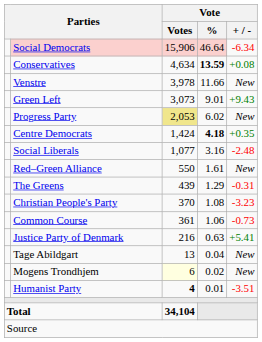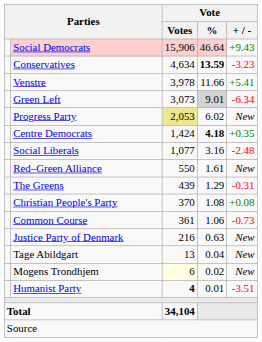 <table class="wikitable" style="text-align:right;">
 <tr>
 <th style="text-align:centre;" rowspan="2" colspan="2" width="225">Parties</th>
 <th colspan="3">Vote</th>
 </tr>
 <tr>
 <th width="15">Votes</th>
 <th width="15">%</th>
 <th width="15">+ / -</th>
 </tr>
 <tr>
 <td width="2" style="color:inherit;background:"></td>
 <td bgcolor=#fbd0ce  align="left"><a href='#'>Social Democrats</a></td>
 <td bgcolor=#fbd0ce>15,906</td>
 <td bgcolor=#fbd0ce>46.64</td>
-<td style=color:red;>-6.34</td>
+<td style=color:green;>+9.43</td>
 </tr>
 <tr>
 <td width="2" style="color:inherit;background:"></td>
 <td align="left"><a href='#'>Conservatives</a></td>
 <td>4,634</td>
 <td><strong>13.59</strong></td>
-<td style=color:green;>+0.08</td>
+<td style=color:red;>-3.23</td>
 </tr>
 <tr>
 <td width="2" style="color:inherit;background:"></td>
 <td align="left"><a href='#'>Venstre</a></td>
 <td>3,978</td>
 <td>11.66</td>
-<td><em>New</em></td>
+<td style=color:green;>+5.41</td>
 </tr>
 <tr>
 <td width="2" style="color:inherit;background:"></td>
 <td align="left"><a href='#'>Green Left</a></td>
 <td>3,073</td>
-<td>9.01</td>
-<td style=color:green;>+9.43</td>
+<td style="background: lightgrey;">9.01</td>
+<td style=color:red;>-6.34</td>
 </tr>
 <tr>
 <td width="2" style="color:inherit;background:"></td>
 <td align="left"><a href='#'>Progress Party</a></td>
 <td style="background: khaki;">2,053</td>
 <td>6.02</td>
 <td><em>New</em></td>
 </tr>
 <tr>
 <td width="2" style="color:inherit;background:"></td>
 <td align="left"><a href='#'>Centre Democrats</a></td>
 <td>1,424</td>
 <td><strong>4.18</strong></td>
 <td style=color:green;>+0.35</td>
 </tr>
 <tr>
 <td width="2" style="color:inherit;background:"></td>
 <td align="left"><a href='#'>Social Liberals</a></td>
 <td>1,077</td>
 <td>3.16</td>
 <td style=color:red;>-2.48</td>
 </tr>
 <tr>
 <td width="2" style="color:inherit;background:"></td>
 <td align="left"><a href='#'>Red–Green Alliance</a></td>
 <td>550</td>
 <td>1.61</td>
 <td><em>New</em></td>
 </tr>
 <tr>
 <td width="2" style="color:inherit;background:"></td>
 <td align="left"><a href='#'>The Greens</a></td>
 <td>439</td>
 <td>1.29</td>
 <td style=color:red;>-0.31</td>
 </tr>
 <tr>
 <td width="2" style="color:inherit;background:"></td>
 <td align="left"><a href='#'>Christian People's Party</a></td>
 <td>370</td>
 <td>1.08</td>
-<td style=color:red;>-3.23</td>
+<td style=color:green;>+0.08</td>
 </tr>
 <tr>
 <td width="2" style="color:inherit;background:"></td>
 <td align="left"><a href='#'>Common Course</a></td>
 <td>361</td>
 <td>1.06</td>
 <td style=color:red;>-0.73</td>
 </tr>
 <tr>
 <td width="2" style="color:inherit;background:"></td>
 <td align="left"><a href='#'>Justice Party of Denmark</a></td>
 <td>216</td>
 <td>0.63</td>
-<td style=color:green;>+5.41</td>
+<td><em>New</em></td>
 </tr>
 <tr>
 <td width="2" style="color:inherit;background:"></td>
 <td align="left">Tage Abildgart</td>
 <td>13</td>
 <td>0.04</td>
 <td><em>New</em></td>
 </tr>
 <tr>
 <td width="2" style="color:inherit;background:"></td>
 <td align="left">Mogens Trondhjem</td>
 <td style="background: lightyellow;">6</td>
 <td>0.02</td>
 <td><em>New</em></td>
 </tr>
 <tr>
 <td width="2" style="color:inherit;background:"></td>
 <td align="left"><a href='#'>Humanist Party</a></td>
 <td><strong>4</strong></td>
 <td>0.01</td>
 <td style=color:red;>-3.51</td>
 </tr>
 <tr>
 <td colspan="7" bgcolor="#E9E9E9"></td>
 </tr>
 <tr>
 <td align="left" colspan="2"><strong>Total</strong></td>
 <td><strong>34,104</strong></td>
 <td bgcolor="#E9E9E9" colspan="2"></td>
 </tr>
 <tr>
 <td align="left" colspan="6">Source</td>
 </tr>
 </table>
